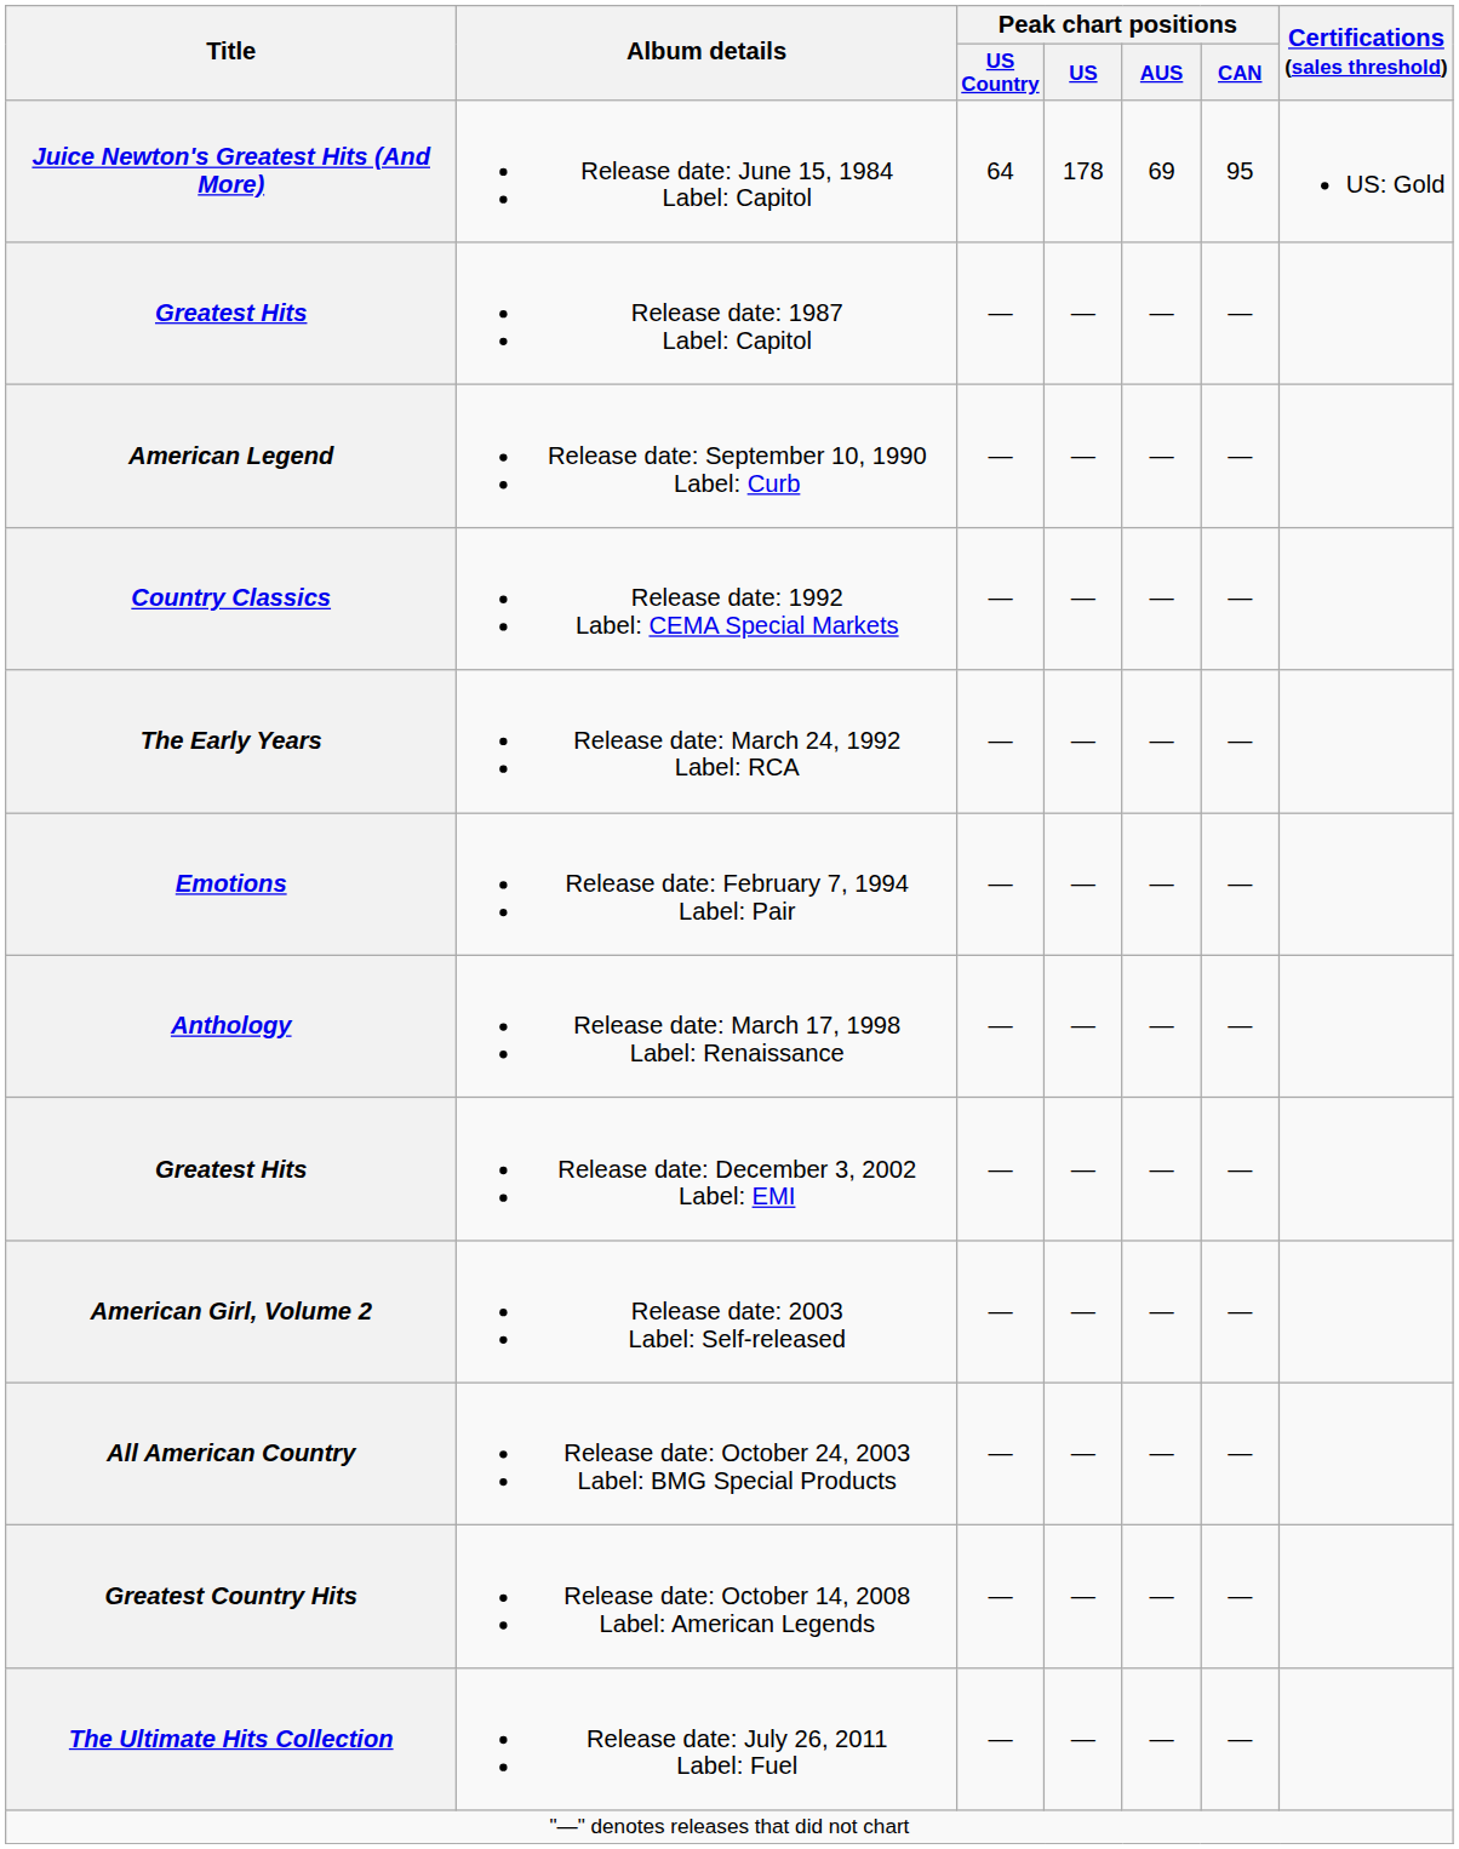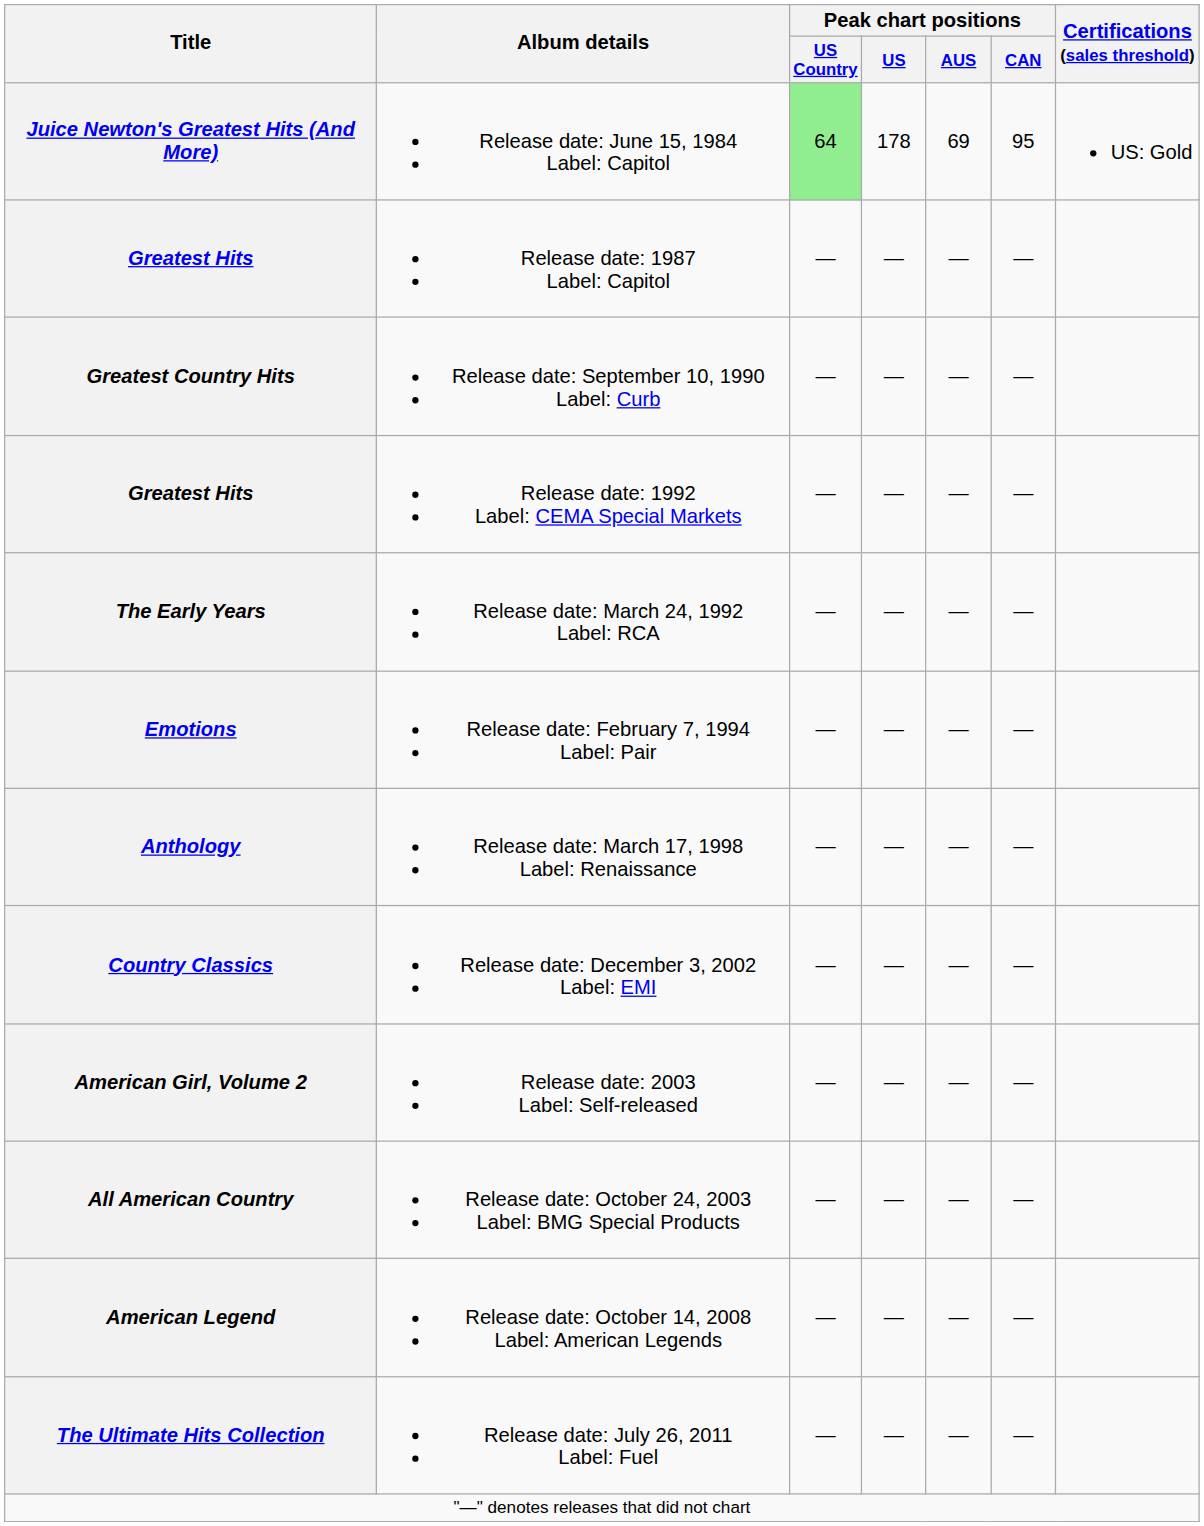 <table class="wikitable plainrowheaders" style="text-align:center;">
 <tr>
 <th rowspan="2" style="width:18em;">Title</th>
 <th rowspan="2" style="width:20em;">Album details</th>
 <th colspan="4">Peak chart positions</th>
 <th rowspan="2"><a href='#'>Certifications</a><br><small>(<a href='#'>sales threshold</a>)</small></th>
 </tr>
 <tr style="font-size:smaller;">
 <th width="45"><a href='#'>US Country</a><br></th>
 <th width="45"><a href='#'>US</a><br></th>
 <th width="45"><a href='#'>AUS</a><br></th>
 <th width="45"><a href='#'>CAN</a><br></th>
 </tr>
 <tr>
 <th scope="row"><em><a href='#'>Juice Newton's Greatest Hits (And More)</a></em></th>
 <td><br><ul><li>Release date: June 15, 1984</li><li>Label: Capitol</li></ul></td>
-<td>64</td>
+<td style="background: lightgreen;">64</td>
 <td>178</td>
 <td>69</td>
 <td>95</td>
 <td align="left"><br><ul><li>US: Gold</li></ul></td>
 </tr>
 <tr>
 <th scope="row"><em><a href='#'>Greatest Hits</a></em></th>
 <td><br><ul><li>Release date: 1987</li><li>Label: Capitol</li></ul></td>
 <td>—</td>
 <td>—</td>
 <td>—</td>
 <td>—</td>
 <td></td>
 </tr>
 <tr>
-<th scope="row"><em>American Legend</em></th>
+<th scope="row"><em>Greatest Country Hits</em></th>
 <td><br><ul><li>Release date: September 10, 1990</li><li>Label: <a href='#'>Curb</a></li></ul></td>
 <td>—</td>
 <td>—</td>
 <td>—</td>
 <td>—</td>
 <td></td>
 </tr>
 <tr>
-<th scope="row"><em><a href='#'>Country Classics</a></em></th>
+<th scope="row"><em>Greatest Hits</em></th>
 <td><br><ul><li>Release date: 1992</li><li>Label: <a href='#'>CEMA Special Markets</a></li></ul></td>
 <td>—</td>
 <td>—</td>
 <td>—</td>
 <td>—</td>
 <td></td>
 </tr>
 <tr>
 <th scope="row"><em>The Early Years</em></th>
 <td><br><ul><li>Release date: March 24, 1992</li><li>Label: RCA</li></ul></td>
 <td>—</td>
 <td>—</td>
 <td>—</td>
 <td>—</td>
 <td></td>
 </tr>
 <tr>
 <th scope="row"><em><a href='#'>Emotions</a></em></th>
 <td><br><ul><li>Release date: February 7, 1994</li><li>Label: Pair</li></ul></td>
 <td>—</td>
 <td>—</td>
 <td>—</td>
 <td>—</td>
 <td></td>
 </tr>
 <tr>
 <th scope="row"><em><a href='#'>Anthology</a></em></th>
 <td><br><ul><li>Release date: March 17, 1998</li><li>Label: Renaissance</li></ul></td>
 <td>—</td>
 <td>—</td>
 <td>—</td>
 <td>—</td>
 <td></td>
 </tr>
 <tr>
-<th scope="row"><em>Greatest Hits</em></th>
+<th scope="row"><em><a href='#'>Country Classics</a></em></th>
 <td><br><ul><li>Release date: December 3, 2002</li><li>Label: <a href='#'>EMI</a></li></ul></td>
 <td>—</td>
 <td>—</td>
 <td>—</td>
 <td>—</td>
 <td></td>
 </tr>
 <tr>
 <th scope="row"><em>American Girl, Volume 2</em></th>
 <td><br><ul><li>Release date: 2003</li><li>Label: Self-released</li></ul></td>
 <td>—</td>
 <td>—</td>
 <td>—</td>
 <td>—</td>
 <td></td>
 </tr>
 <tr>
 <th scope="row"><em>All American Country</em></th>
 <td><br><ul><li>Release date: October 24, 2003</li><li>Label: BMG Special Products</li></ul></td>
 <td>—</td>
 <td>—</td>
 <td>—</td>
 <td>—</td>
 <td></td>
 </tr>
 <tr>
-<th scope="row"><em>Greatest Country Hits</em></th>
+<th scope="row"><em>American Legend</em></th>
 <td><br><ul><li>Release date: October 14, 2008</li><li>Label: American Legends</li></ul></td>
 <td>—</td>
 <td>—</td>
 <td>—</td>
 <td>—</td>
 <td></td>
 </tr>
 <tr>
 <th scope="row"><em><a href='#'>The Ultimate Hits Collection</a></em></th>
 <td><br><ul><li>Release date: July 26, 2011</li><li>Label: Fuel</li></ul></td>
 <td>—</td>
 <td>—</td>
 <td>—</td>
 <td>—</td>
 <td></td>
 </tr>
 <tr>
 <td colspan="7" style="font-size:85%">"—" denotes releases that did not chart</td>
 </tr>
 </table>
